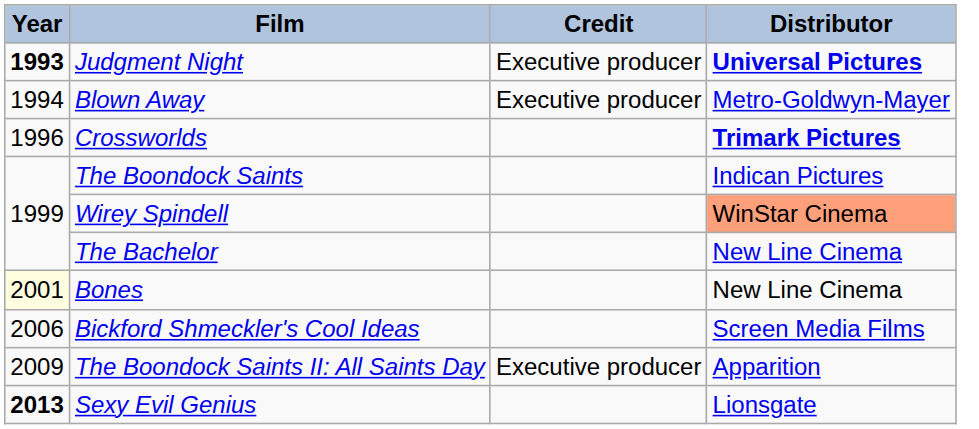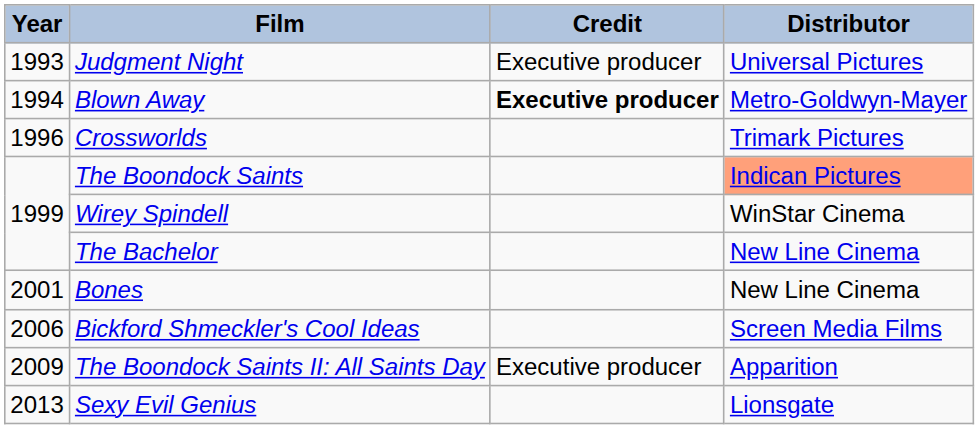 <table class="wikitable" style="font-size:95%;">
 <tr>
 <th style="background:#B0C4DE;">Year</th>
 <th style="background:#B0C4DE;">Film</th>
 <th style="background:#B0C4DE;">Credit</th>
 <th style="background:#B0C4DE;">Distributor</th>
 </tr>
 <tr>
-<td><strong>1993</strong></td>
+<td>1993</td>
 <td><em><a href='#'>Judgment Night</a></em></td>
 <td>Executive producer</td>
-<td><strong><a href='#'>Universal Pictures</a></strong></td>
+<td><a href='#'>Universal Pictures</a></td>
 </tr>
 <tr>
 <td>1994</td>
 <td><em><a href='#'>Blown Away</a></em></td>
-<td>Executive producer</td>
+<td><strong>Executive producer</strong></td>
 <td><a href='#'>Metro-Goldwyn-Mayer</a></td>
 </tr>
 <tr>
 <td>1996</td>
 <td><em><a href='#'>Crossworlds</a></em></td>
 <td></td>
-<td><strong><a href='#'>Trimark Pictures</a></strong></td>
+<td><a href='#'>Trimark Pictures</a></td>
 </tr>
 <tr>
 <td rowspan=3>1999</td>
 <td><em><a href='#'>The Boondock Saints</a></em></td>
 <td></td>
-<td><a href='#'>Indican Pictures</a></td>
+<td style="background: lightsalmon;"><a href='#'>Indican Pictures</a></td>
 </tr>
 <tr>
 <td><em><a href='#'>Wirey Spindell</a></em></td>
 <td></td>
-<td style="background: lightsalmon;">WinStar Cinema</td>
+<td>WinStar Cinema</td>
 </tr>
 <tr>
 <td><em><a href='#'>The Bachelor</a></em></td>
 <td></td>
 <td><a href='#'>New Line Cinema</a></td>
 </tr>
 <tr>
-<td style="background: lightyellow;">2001</td>
+<td>2001</td>
 <td><em><a href='#'>Bones</a></em></td>
 <td></td>
 <td>New Line Cinema</td>
 </tr>
 <tr>
 <td>2006</td>
 <td><em><a href='#'>Bickford Shmeckler's Cool Ideas</a></em></td>
 <td></td>
 <td><a href='#'>Screen Media Films</a></td>
 </tr>
 <tr>
 <td>2009</td>
 <td><em><a href='#'>The Boondock Saints II: All Saints Day</a></em></td>
 <td>Executive producer</td>
 <td><a href='#'>Apparition</a></td>
 </tr>
 <tr>
-<td><strong>2013</strong></td>
+<td>2013</td>
 <td><em><a href='#'>Sexy Evil Genius</a></em></td>
 <td></td>
 <td><a href='#'>Lionsgate</a></td>
 </tr>
 </table>
